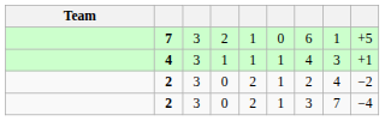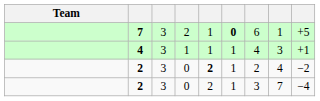 <table class="wikitable" style="text-align: center;">
 <tr>
 <th width="165">Team</th>
 <th width="25"></th>
 <th width="25"></th>
 <th width="25"></th>
 <th width="25"></th>
 <th width="25"></th>
 <th width="25"></th>
 <th width="25"></th>
 <th width="25"></th>
 </tr>
 <tr bgcolor=#ccffcc>
 <td align="left"></td>
 <td><strong>7</strong></td>
 <td>3</td>
 <td>2</td>
 <td>1</td>
-<td>0</td>
+<td><strong>0</strong></td>
 <td>6</td>
 <td>1</td>
 <td>+5</td>
 </tr>
 <tr bgcolor=#ccffcc>
 <td align="left"></td>
 <td><strong>4</strong></td>
 <td>3</td>
 <td>1</td>
 <td>1</td>
 <td>1</td>
 <td>4</td>
 <td>3</td>
 <td>+1</td>
 </tr>
 <tr>
 <td align="left"></td>
 <td><strong>2</strong></td>
 <td>3</td>
 <td>0</td>
-<td>2</td>
+<td><strong>2</strong></td>
 <td>1</td>
 <td>2</td>
 <td>4</td>
 <td>−2</td>
 </tr>
 <tr>
 <td align="left"></td>
 <td><strong>2</strong></td>
 <td>3</td>
 <td>0</td>
 <td>2</td>
 <td>1</td>
 <td>3</td>
 <td>7</td>
 <td>−4</td>
 </tr>
 </table>
